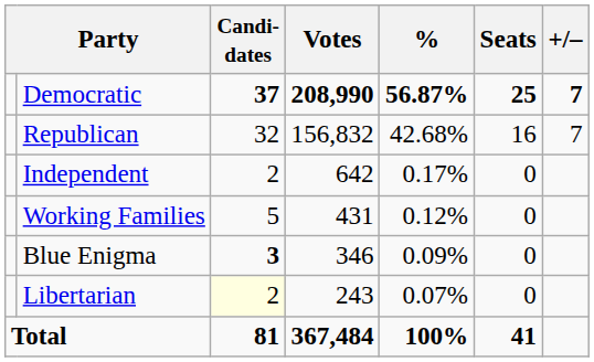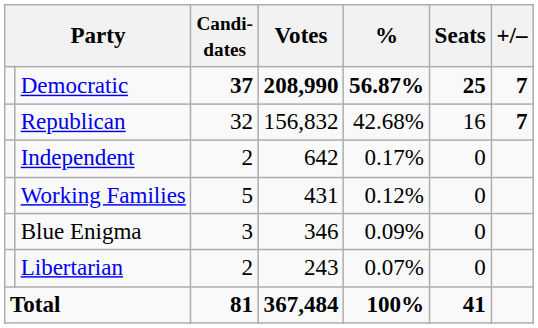 <table class="wikitable" style="font-size:100%; text-align:right;">
 <tr>
 <th colspan=2>Party</th>
 <th><small>Candi-<br>dates</small></th>
 <th>Votes</th>
 <th>%</th>
 <th>Seats</th>
 <th>+/–</th>
 </tr>
 <tr>
 <td style="background:"></td>
 <td align=left><a href='#'>Democratic</a></td>
 <td><strong>37</strong></td>
 <td><strong>208,990</strong></td>
 <td><strong>56.87%</strong></td>
 <td><strong>25</strong></td>
 <td><strong>7</strong></td>
 </tr>
 <tr>
 <td style="background:"></td>
 <td align=left><a href='#'>Republican</a></td>
 <td>32</td>
 <td>156,832</td>
 <td>42.68%</td>
 <td>16</td>
-<td>7</td>
+<td><strong>7</strong></td>
 </tr>
 <tr>
 <td style="background:"></td>
 <td align=left><a href='#'>Independent</a></td>
 <td>2</td>
 <td>642</td>
 <td>0.17%</td>
 <td>0</td>
 <td></td>
 </tr>
 <tr>
 <td style="background:"></td>
 <td align=left><a href='#'>Working Families</a></td>
 <td>5</td>
 <td>431</td>
 <td>0.12%</td>
 <td>0</td>
 <td></td>
 </tr>
 <tr>
 <td style="background:"></td>
 <td align=left>Blue Enigma</td>
-<td><strong>3</strong></td>
+<td>3</td>
 <td>346</td>
 <td>0.09%</td>
 <td>0</td>
 <td></td>
 </tr>
 <tr>
 <td style="background:"></td>
 <td align=left><a href='#'>Libertarian</a></td>
-<td style="background: lightyellow;">2</td>
+<td>2</td>
 <td>243</td>
 <td>0.07%</td>
 <td>0</td>
 <td></td>
 </tr>
 <tr style="font-weight:bold">
 <td colspan=2 align=left>Total</td>
 <td>81</td>
 <td>367,484</td>
 <td>100%</td>
 <td>41</td>
 <td></td>
 </tr>
 </table>
